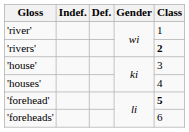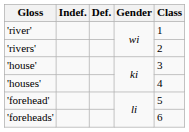 <table class="wikitable">
 <tr>
 <th>Gloss</th>
 <th>Indef.</th>
 <th>Def.</th>
 <th>Gender</th>
 <th>Class</th>
 </tr>
 <tr>
 <td>'river'</td>
 <td></td>
 <td></td>
 <td rowspan="2" align="center"><em>wi</em></td>
 <td>1</td>
 </tr>
 <tr>
 <td>'rivers'</td>
 <td></td>
 <td></td>
-<td><strong>2</strong></td>
+<td>2</td>
 </tr>
 <tr>
 <td>'house'</td>
 <td></td>
 <td></td>
 <td rowspan="2" align="center"><em>ki</em></td>
 <td>3</td>
 </tr>
 <tr>
 <td>'houses'</td>
 <td></td>
 <td></td>
 <td>4</td>
 </tr>
 <tr>
 <td>'forehead'</td>
 <td></td>
 <td></td>
 <td rowspan="2" align="center"><em>li</em></td>
-<td><strong>5</strong></td>
+<td>5</td>
 </tr>
 <tr>
 <td>'foreheads'</td>
 <td></td>
 <td></td>
 <td>6</td>
 </tr>
 </table>
